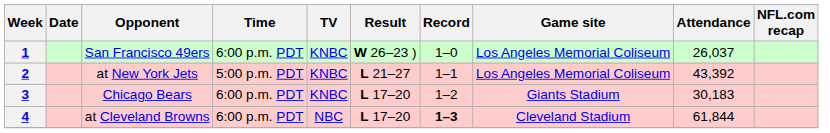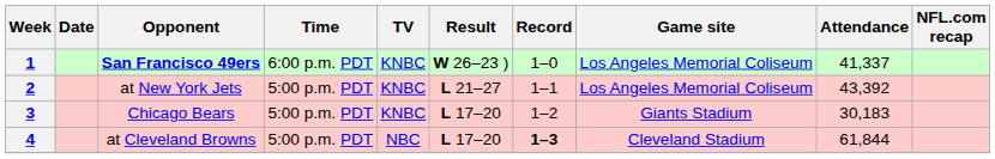 <table class="wikitable" style="text-align:center">
 <tr>
 <th>Week</th>
 <th>Date</th>
 <th>Opponent</th>
 <th>Time</th>
 <th>TV</th>
 <th>Result</th>
 <th>Record</th>
 <th>Game site</th>
 <th>Attendance</th>
 <th>NFL.com<br>recap</th>
 </tr>
 <tr style="background: #cfc;">
 <th><a href='#'>1</a></th>
 <td></td>
-<td><a href='#'>San Francisco 49ers</a></td>
+<td><strong><a href='#'>San Francisco 49ers</a></strong></td>
 <td>6:00 p.m. <a href='#'>PDT</a></td>
 <td><a href='#'>KNBC</a></td>
 <td><strong>W</strong> 26–23 )</td>
 <td>1–0</td>
 <td><a href='#'>Los Angeles Memorial Coliseum</a></td>
-<td>26,037</td>
+<td>41,337</td>
 <td></td>
 </tr>
 <tr style="background: #fcc;">
 <th><a href='#'>2</a></th>
 <td></td>
 <td>at <a href='#'>New York Jets</a></td>
 <td>5:00 p.m. <a href='#'>PDT</a></td>
 <td><a href='#'>KNBC</a></td>
 <td><strong>L</strong> 21–27</td>
 <td>1–1</td>
 <td><a href='#'>Los Angeles Memorial Coliseum</a></td>
 <td>43,392</td>
 <td></td>
 </tr>
 <tr style="background: #fcc;">
 <th><a href='#'>3</a></th>
 <td></td>
 <td><a href='#'>Chicago Bears</a></td>
-<td>6:00 p.m. <a href='#'>PDT</a></td>
+<td>5:00 p.m. <a href='#'>PDT</a></td>
 <td><a href='#'>KNBC</a></td>
 <td><strong>L</strong> 17–20</td>
 <td>1–2</td>
 <td><a href='#'>Giants Stadium</a></td>
 <td>30,183</td>
 <td></td>
 </tr>
 <tr style="background: #fcc;">
 <th><a href='#'>4</a></th>
 <td></td>
 <td>at <a href='#'>Cleveland Browns</a></td>
-<td>6:00 p.m. <a href='#'>PDT</a></td>
+<td>5:00 p.m. <a href='#'>PDT</a></td>
 <td><a href='#'>NBC</a></td>
 <td><strong>L</strong> 17–20</td>
 <td><strong>1–3</strong></td>
 <td><a href='#'>Cleveland Stadium</a></td>
 <td>61,844</td>
 <td></td>
 </tr>
 <tr>
 </tr>
 </table>
